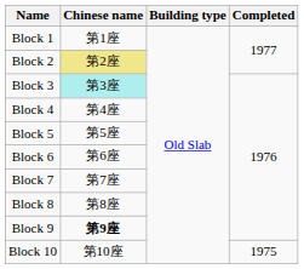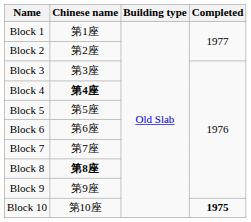 <table class="wikitable" style="text-align: center">
 <tr>
 <th>Name</th>
 <th>Chinese name</th>
 <th>Building type</th>
 <th>Completed</th>
 </tr>
 <tr>
 <td>Block 1</td>
 <td>第1座</td>
 <td rowspan="10"><a href='#'>Old Slab</a></td>
 <td rowspan="2">1977</td>
 </tr>
 <tr>
 <td>Block 2</td>
-<td style="background: khaki;">第2座</td>
+<td>第2座</td>
 </tr>
 <tr>
 <td>Block 3</td>
-<td style="background: paleturquoise;">第3座</td>
+<td>第3座</td>
 <td rowspan="7">1976</td>
 </tr>
 <tr>
 <td>Block 4</td>
-<td>第4座</td>
+<td><strong>第4座</strong></td>
 </tr>
 <tr>
 <td>Block 5</td>
 <td>第5座</td>
 </tr>
 <tr>
 <td>Block 6</td>
 <td>第6座</td>
 </tr>
 <tr>
 <td>Block 7</td>
 <td>第7座</td>
 </tr>
 <tr>
 <td>Block 8</td>
-<td>第8座</td>
+<td><strong>第8座</strong></td>
 </tr>
 <tr>
 <td>Block 9</td>
-<td><strong>第9座</strong></td>
+<td>第9座</td>
 </tr>
 <tr>
 <td>Block 10</td>
 <td>第10座</td>
-<td>1975</td>
+<td><strong>1975</strong></td>
 </tr>
 </table>
